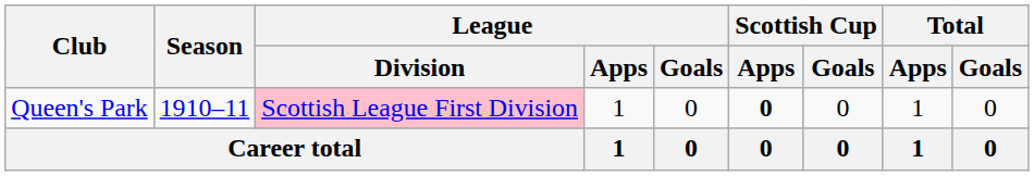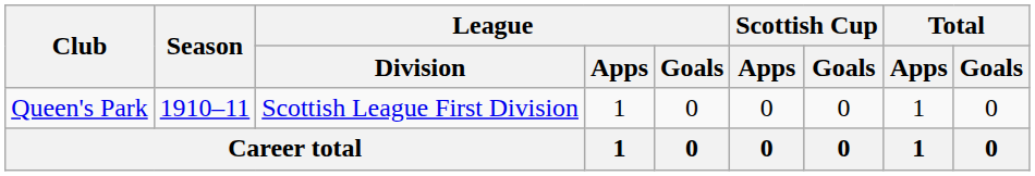 <table class="wikitable" style="text-align: center;">
 <tr>
 <th rowspan="2">Club</th>
 <th rowspan="2">Season</th>
 <th colspan="3">League</th>
 <th colspan="2">Scottish Cup</th>
 <th colspan="2">Total</th>
 </tr>
 <tr>
 <th>Division</th>
 <th>Apps</th>
 <th>Goals</th>
 <th>Apps</th>
 <th>Goals</th>
 <th>Apps</th>
 <th>Goals</th>
 </tr>
 <tr>
 <td><a href='#'>Queen's Park</a></td>
 <td><a href='#'>1910–11</a></td>
-<td style="background: pink;"><a href='#'>Scottish League First Division</a></td>
+<td><a href='#'>Scottish League First Division</a></td>
 <td>1</td>
 <td>0</td>
-<td><strong>0</strong></td>
+<td>0</td>
 <td>0</td>
 <td>1</td>
 <td>0</td>
 </tr>
 <tr>
 <th colspan="3">Career total</th>
 <th>1</th>
 <th>0</th>
 <th>0</th>
 <th>0</th>
 <th>1</th>
 <th>0</th>
 </tr>
 </table>
